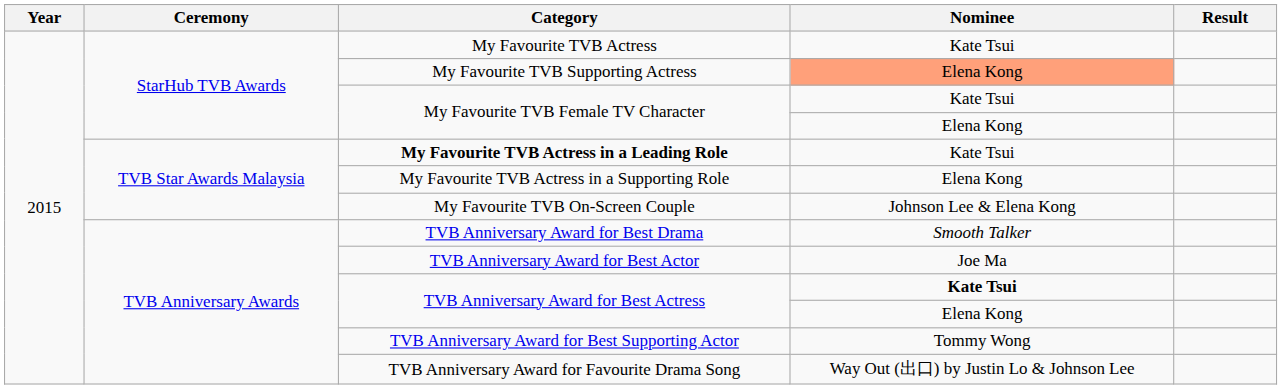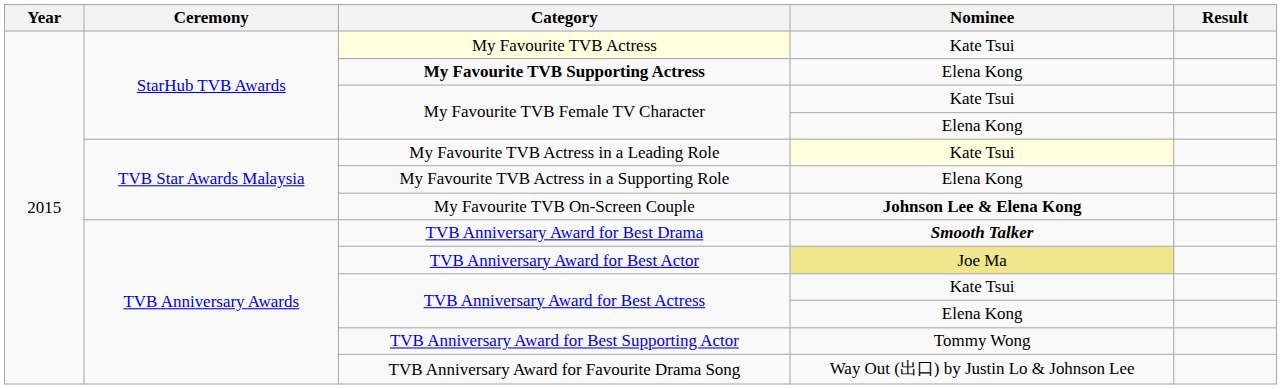 <table class="wikitable" style="width:95%;">
 <tr>
 <th style="width:45px;">Year</th>
 <th style="width:160px;">Ceremony</th>
 <th style="width:290px;">Category</th>
 <th style="width:245px;">Nominee</th>
 <th style="width:60px;">Result</th>
 </tr>
 <tr>
 <td align="center" rowspan=13>2015</td>
 <td align="center" rowspan=4><a href='#'>StarHub TVB Awards</a></td>
-<td align="center">My Favourite TVB Actress</td>
+<td align="center" style="background: lightyellow;">My Favourite TVB Actress</td>
 <td align="center">Kate Tsui</td>
 <td></td>
 </tr>
 <tr>
-<td align="center">My Favourite TVB Supporting Actress</td>
-<td align="center" style="background: lightsalmon;">Elena Kong</td>
+<td align="center"><strong>My Favourite TVB Supporting Actress</strong></td>
+<td align="center">Elena Kong</td>
 <td></td>
 </tr>
 <tr>
 <td rowspan=2 align="center">My Favourite TVB Female TV Character</td>
 <td align="center">Kate Tsui</td>
 <td></td>
 </tr>
 <tr>
 <td align="center">Elena Kong</td>
 <td></td>
 </tr>
 <tr>
 <td align="center" rowspan=3><a href='#'>TVB Star Awards Malaysia</a></td>
-<td align="center"><strong>My Favourite TVB Actress in a Leading Role</strong></td>
-<td align="center">Kate Tsui</td>
+<td align="center">My Favourite TVB Actress in a Leading Role</td>
+<td align="center" style="background: lightyellow;">Kate Tsui</td>
 <td></td>
 </tr>
 <tr>
 <td align="center">My Favourite TVB Actress in a Supporting Role</td>
 <td align="center">Elena Kong</td>
 <td></td>
 </tr>
 <tr>
 <td align="center">My Favourite TVB On-Screen Couple</td>
-<td align="center">Johnson Lee & Elena Kong</td>
+<td align="center"><strong>Johnson Lee & Elena Kong</strong></td>
 <td></td>
 </tr>
 <tr>
 <td align="center" rowspan=6><a href='#'>TVB Anniversary Awards</a></td>
 <td align="center"><a href='#'>TVB Anniversary Award for Best Drama</a></td>
-<td align="center"><em>Smooth Talker</em></td>
+<td align="center"><strong><em>Smooth Talker</em></strong></td>
 <td></td>
 </tr>
 <tr>
 <td align="center"><a href='#'>TVB Anniversary Award for Best Actor</a></td>
-<td align="center">Joe Ma</td>
+<td align="center" style="background: khaki;">Joe Ma</td>
 <td></td>
 </tr>
 <tr>
 <td rowspan=2 align="center"><a href='#'>TVB Anniversary Award for Best Actress</a></td>
-<td align="center"><strong>Kate Tsui</strong></td>
+<td align="center">Kate Tsui</td>
 <td></td>
 </tr>
 <tr>
 <td align="center">Elena Kong</td>
 <td></td>
 </tr>
 <tr>
 <td align="center"><a href='#'>TVB Anniversary Award for Best Supporting Actor</a></td>
 <td align="center">Tommy Wong</td>
 <td></td>
 </tr>
 <tr>
 <td align="center">TVB Anniversary Award for Favourite Drama Song</td>
 <td align="center">Way Out (出口) by Justin Lo & Johnson Lee</td>
 <td></td>
 </tr>
 </table>
